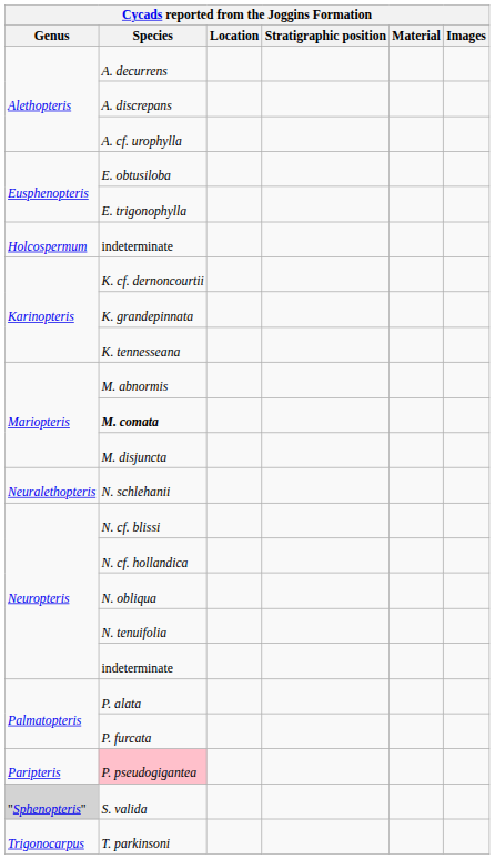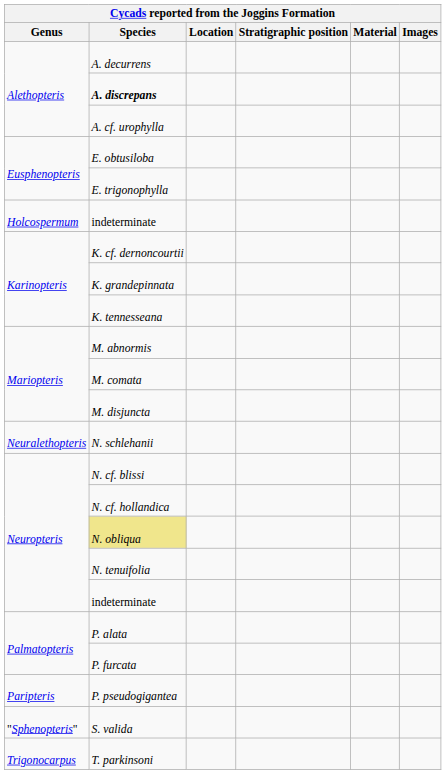 <table class="wikitable sortable mw-collapsible">
 <tr>
 <th colspan="7" style="text-align:center;"><strong><a href='#'>Cycads</a> reported from the Joggins Formation</strong></th>
 </tr>
 <tr>
 <th>Genus</th>
 <th>Species</th>
 <th>Location</th>
 <th>Stratigraphic position</th>
 <th>Material</th>
 <th>Images</th>
 </tr>
 <tr>
 <td rowspan="3"><br><em><a href='#'>Alethopteris</a></em></td>
 <td><br><em>A. decurrens</em></td>
 <td></td>
 <td></td>
 <td></td>
 <td></td>
 </tr>
 <tr>
-<td><br><em>A. discrepans</em></td>
+<td><strong><br><em>A. discrepans</em></strong></td>
 <td></td>
 <td></td>
 <td></td>
 <td></td>
 </tr>
 <tr>
 <td><br><em>A. cf. urophylla</em></td>
 <td></td>
 <td></td>
 <td></td>
 <td></td>
 </tr>
 <tr>
 <td rowspan="2"><br><em><a href='#'>Eusphenopteris</a></em></td>
 <td><br><em>E. obtusiloba</em></td>
 <td></td>
 <td></td>
 <td></td>
 <td></td>
 </tr>
 <tr>
 <td><br><em>E. trigonophylla</em></td>
 <td></td>
 <td></td>
 <td></td>
 <td></td>
 </tr>
 <tr>
 <td rowspan="1"><br><em><a href='#'>Holcospermum</a></em></td>
 <td><br>indeterminate</td>
 <td></td>
 <td></td>
 <td></td>
 <td></td>
 </tr>
 <tr>
 <td rowspan="3"><br><em><a href='#'>Karinopteris</a></em></td>
 <td><br><em>K. cf. dernoncourtii</em></td>
 <td></td>
 <td></td>
 <td></td>
 <td></td>
 </tr>
 <tr>
 <td><br><em>K. grandepinnata</em></td>
 <td></td>
 <td></td>
 <td></td>
 <td></td>
 </tr>
 <tr>
 <td><br><em>K. tennesseana</em></td>
 <td></td>
 <td></td>
 <td></td>
 <td></td>
 </tr>
 <tr>
 <td rowspan="3"><br><em><a href='#'>Mariopteris</a></em></td>
 <td><br><em>M. abnormis</em></td>
 <td></td>
 <td></td>
 <td></td>
 <td></td>
 </tr>
 <tr>
-<td><strong><br><em>M. comata</em></strong></td>
+<td><br><em>M. comata</em></td>
 <td></td>
 <td></td>
 <td></td>
 <td></td>
 </tr>
 <tr>
 <td><br><em>M. disjuncta</em></td>
 <td></td>
 <td></td>
 <td></td>
 <td></td>
 </tr>
 <tr>
 <td rowspan="1"><br><em><a href='#'>Neuralethopteris</a></em></td>
 <td><br><em>N. schlehanii</em></td>
 <td></td>
 <td></td>
 <td></td>
 <td></td>
 </tr>
 <tr>
 <td rowspan="5"><br><em><a href='#'>Neuropteris</a></em></td>
 <td><br><em>N. cf. blissi</em></td>
 <td></td>
 <td></td>
 <td></td>
 <td></td>
 </tr>
 <tr>
 <td><br><em>N. cf. hollandica</em></td>
 <td></td>
 <td></td>
 <td></td>
 <td></td>
 </tr>
 <tr>
-<td><br><em>N. obliqua</em></td>
+<td style="background: khaki;"><br><em>N. obliqua</em></td>
 <td></td>
 <td></td>
 <td></td>
 <td></td>
 </tr>
 <tr>
 <td><br><em>N. tenuifolia</em></td>
 <td></td>
 <td></td>
 <td></td>
 <td></td>
 </tr>
 <tr>
 <td><br>indeterminate</td>
 <td></td>
 <td></td>
 <td></td>
 <td></td>
 </tr>
 <tr>
 <td rowspan="2"><br><em><a href='#'>Palmatopteris</a></em></td>
 <td><br><em>P. alata</em></td>
 <td></td>
 <td></td>
 <td></td>
 <td></td>
 </tr>
 <tr>
 <td><br><em>P. furcata</em></td>
 <td></td>
 <td></td>
 <td></td>
 <td></td>
 </tr>
 <tr>
 <td rowspan="1"><br><em><a href='#'>Paripteris</a></em></td>
-<td style="background: pink;"><br><em>P. pseudogigantea</em></td>
+<td><br><em>P. pseudogigantea</em></td>
 <td></td>
 <td></td>
 <td></td>
 <td></td>
 </tr>
 <tr>
-<td rowspan="1" style="background: lightgrey;"><br>"<em><a href='#'>Sphenopteris</a></em>"</td>
+<td rowspan="1"><br>"<em><a href='#'>Sphenopteris</a></em>"</td>
 <td><br><em>S. valida</em></td>
 <td></td>
 <td></td>
 <td></td>
 <td></td>
 </tr>
 <tr>
 <td rowspan="1"><br><em><a href='#'>Trigonocarpus</a></em></td>
 <td><br><em>T. parkinsoni</em></td>
 <td></td>
 <td></td>
 <td></td>
 <td></td>
 </tr>
 </table>
